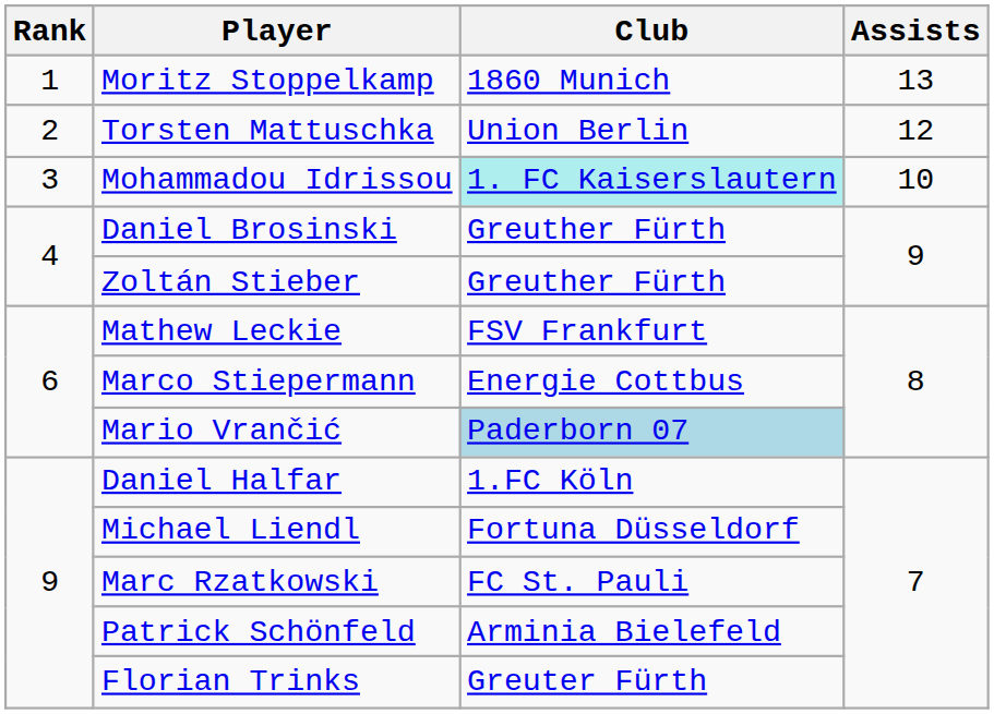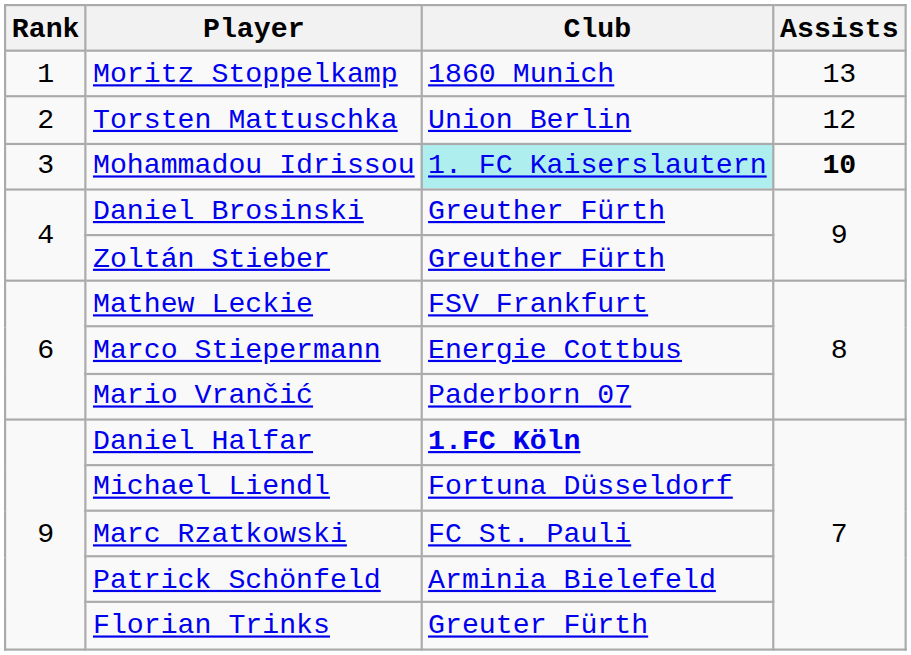 <table class="wikitable" style="text-align:center">
 <tr>
 <th>Rank</th>
 <th>Player</th>
 <th>Club</th>
 <th>Assists</th>
 </tr>
 <tr>
 <td>1</td>
 <td align=left> <a href='#'>Moritz Stoppelkamp</a></td>
 <td align=left><a href='#'>1860 Munich</a></td>
 <td>13</td>
 </tr>
 <tr>
 <td>2</td>
 <td align=left> <a href='#'>Torsten Mattuschka</a></td>
 <td align=left><a href='#'>Union Berlin</a></td>
 <td>12</td>
 </tr>
 <tr>
 <td>3</td>
 <td align=left> <a href='#'>Mohammadou Idrissou</a></td>
 <td align=left style="background: paleturquoise;"><a href='#'>1. FC Kaiserslautern</a></td>
-<td>10</td>
+<td><strong>10</strong></td>
 </tr>
 <tr>
 <td rowspan=2>4</td>
 <td align=left> <a href='#'>Daniel Brosinski</a></td>
 <td align=left><a href='#'>Greuther Fürth</a></td>
 <td rowspan=2>9</td>
 </tr>
 <tr>
 <td align=left> <a href='#'>Zoltán Stieber</a></td>
 <td align=left><a href='#'>Greuther Fürth</a></td>
 </tr>
 <tr>
 <td rowspan=3>6</td>
 <td align=left> <a href='#'>Mathew Leckie</a></td>
 <td align=left><a href='#'>FSV Frankfurt</a></td>
 <td rowspan=3>8</td>
 </tr>
 <tr>
 <td align=left> <a href='#'>Marco Stiepermann</a></td>
 <td align=left><a href='#'>Energie Cottbus</a></td>
 </tr>
 <tr>
 <td align=left> <a href='#'>Mario Vrančić</a></td>
-<td align=left style="background: lightblue;"><a href='#'>Paderborn 07</a></td>
+<td align=left><a href='#'>Paderborn 07</a></td>
 </tr>
 <tr>
 <td rowspan=5>9</td>
 <td align=left> <a href='#'>Daniel Halfar</a></td>
-<td align=left><a href='#'>1.FC Köln</a></td>
+<td align=left><strong><a href='#'>1.FC Köln</a></strong></td>
 <td rowspan=5>7</td>
 </tr>
 <tr>
 <td align=left> <a href='#'>Michael Liendl</a></td>
 <td align=left><a href='#'>Fortuna Düsseldorf</a></td>
 </tr>
 <tr>
 <td align=left> <a href='#'>Marc Rzatkowski</a></td>
 <td align=left><a href='#'>FC St. Pauli</a></td>
 </tr>
 <tr>
 <td align=left> <a href='#'>Patrick Schönfeld</a></td>
 <td align=left><a href='#'>Arminia Bielefeld</a></td>
 </tr>
 <tr>
 <td align=left> <a href='#'>Florian Trinks</a></td>
 <td align=left><a href='#'>Greuter Fürth</a></td>
 </tr>
 </table>
